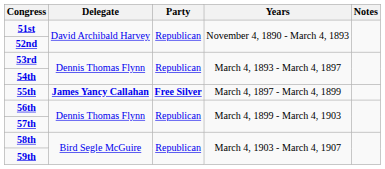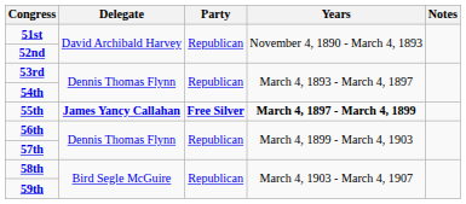 <table class=wikitable>
 <tr>
 <th>Congress</th>
 <th>Delegate</th>
 <th>Party</th>
 <th>Years</th>
 <th>Notes</th>
 </tr>
 <tr align=center>
 <td><strong><a href='#'>51st</a></strong></td>
 <td rowspan=2><a href='#'>David Archibald Harvey</a></td>
 <td rowspan=2 ><a href='#'>Republican</a></td>
 <td rowspan=2>November 4, 1890 - March 4, 1893</td>
 <td rowspan=2></td>
 </tr>
 <tr align=center>
 <td><strong><a href='#'>52nd</a></strong></td>
 </tr>
 <tr align=center>
 <td><strong><a href='#'>53rd</a></strong></td>
 <td rowspan=2><a href='#'>Dennis Thomas Flynn</a></td>
 <td rowspan=2 ><a href='#'>Republican</a></td>
 <td rowspan=2>March 4, 1893 - March 4, 1897</td>
 <td rowspan=2></td>
 </tr>
 <tr align=center>
 <td><strong><a href='#'>54th</a></strong></td>
 </tr>
 <tr align=center>
 <td><strong><a href='#'>55th</a></strong></td>
 <td><strong><a href='#'>James Yancy Callahan</a></strong></td>
 <td><strong><a href='#'>Free Silver</a></strong></td>
-<td>March 4, 1897 - March 4, 1899</td>
+<td><strong>March 4, 1897 - March 4, 1899</strong></td>
 <td></td>
 </tr>
 <tr align=center>
 <td><strong><a href='#'>56th</a></strong></td>
 <td rowspan=2><a href='#'>Dennis Thomas Flynn</a></td>
 <td rowspan=2 ><a href='#'>Republican</a></td>
 <td rowspan=2>March 4, 1899 - March 4, 1903</td>
 <td rowspan=2></td>
 </tr>
 <tr align=center>
 <td><strong><a href='#'>57th</a></strong></td>
 </tr>
 <tr align=center>
 <td><strong><a href='#'>58th</a></strong></td>
 <td rowspan=2><a href='#'>Bird Segle McGuire</a></td>
 <td rowspan=2 ><a href='#'>Republican</a></td>
 <td rowspan=2>March 4, 1903 - March 4, 1907</td>
 <td rowspan=2></td>
 </tr>
 <tr align=center>
 <td><strong><a href='#'>59th</a></strong></td>
 </tr>
 </table>
